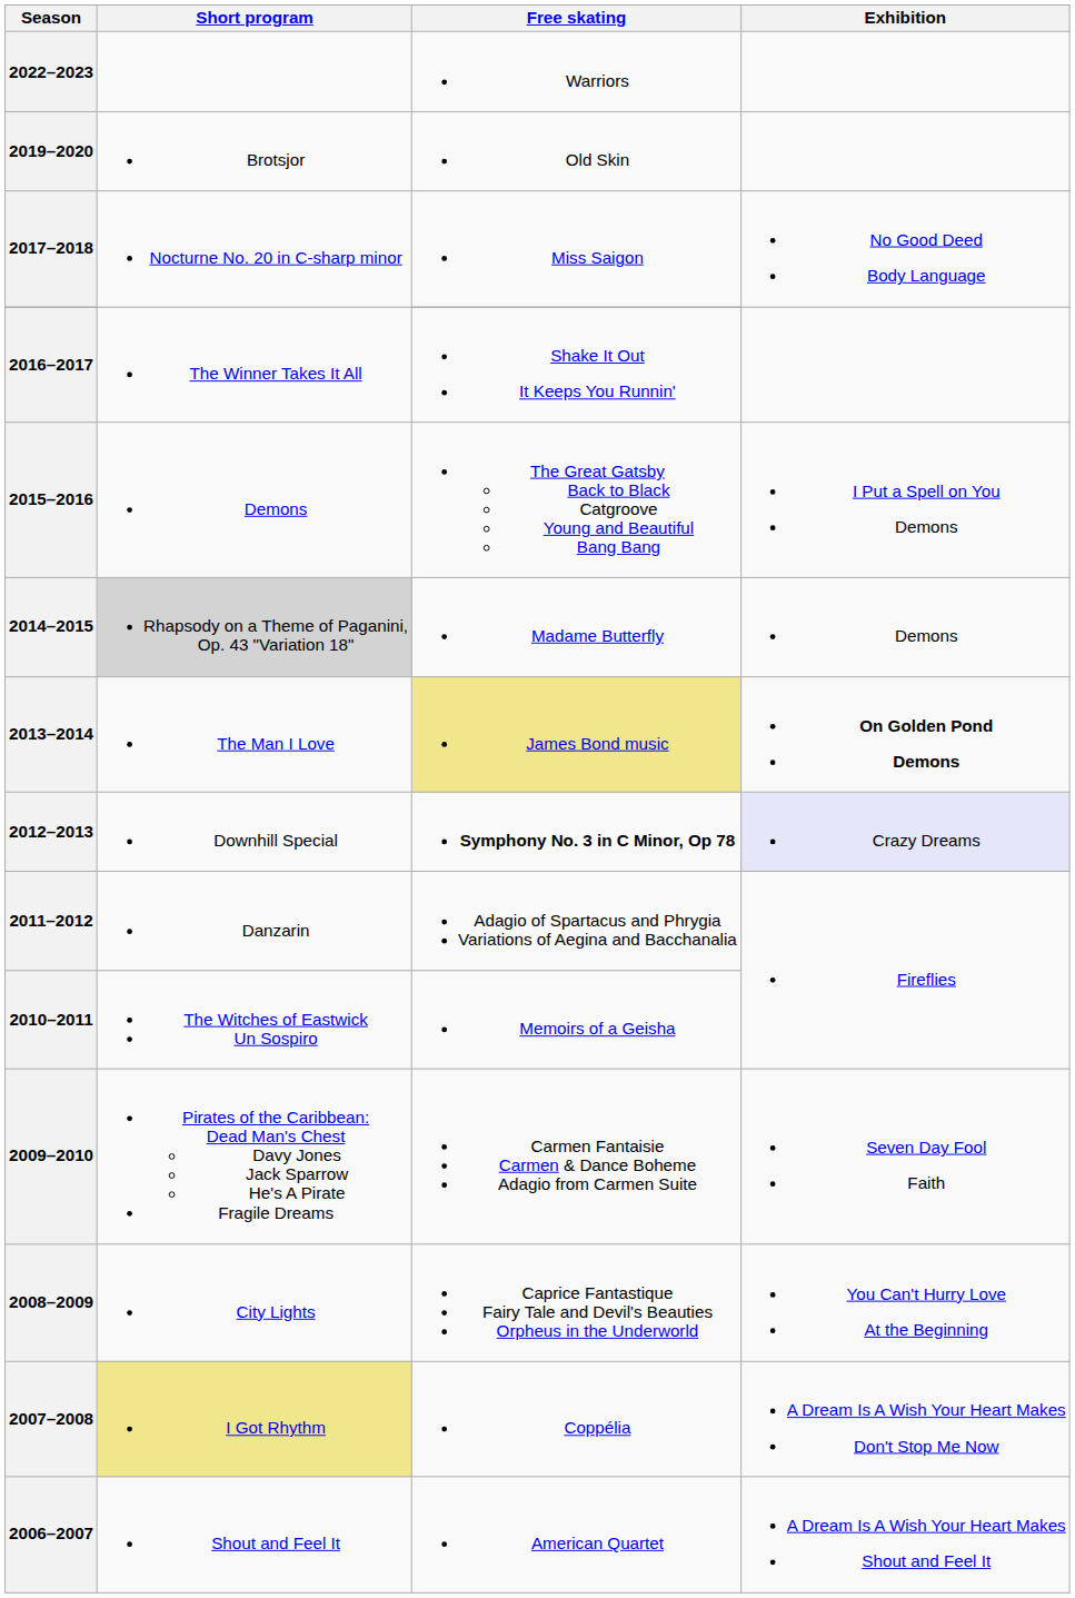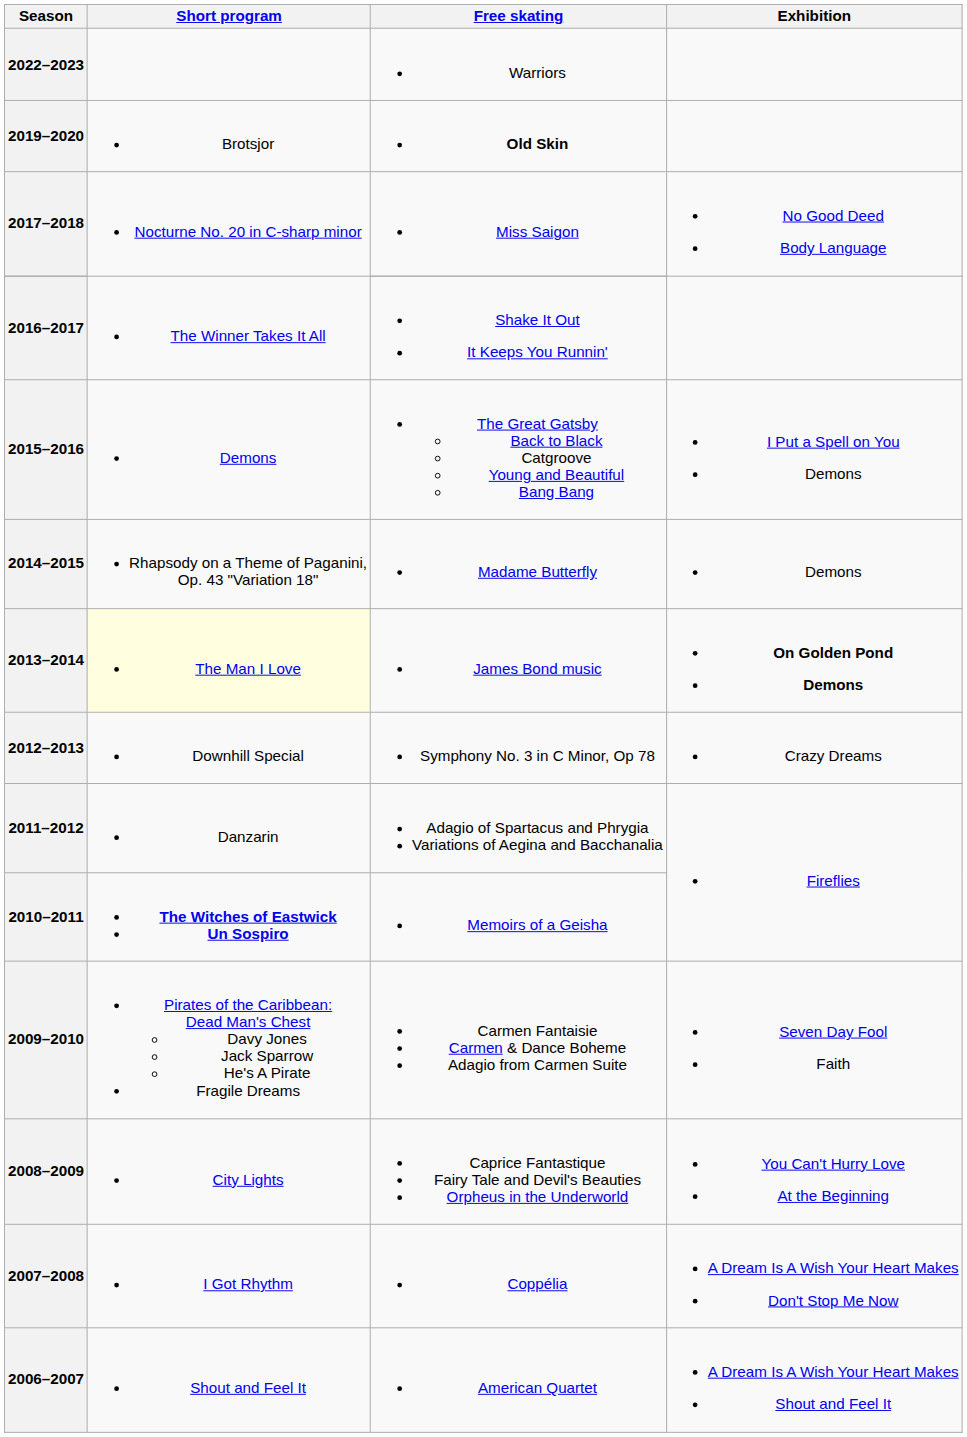 <table class="wikitable" style="text-align:center">
 <tr>
 <th>Season</th>
 <th><a href='#'>Short program</a></th>
 <th><a href='#'>Free skating</a></th>
 <th>Exhibition</th>
 </tr>
 <tr>
 <th>2022–2023 <br></th>
 <td></td>
 <td><br><ul><li>Warriors <br></li></ul></td>
 <td></td>
 </tr>
 <tr>
 <th>2019–2020 <br> </th>
 <td><br><ul><li>Brotsjor <br></li></ul></td>
-<td><br><ul><li>Old Skin <br></li></ul></td>
+<td><strong><br><ul><li>Old Skin <br></li></ul></strong></td>
 <td></td>
 </tr>
 <tr>
 <th>2017–2018 <br> </th>
 <td rowspan=2><br><ul><li><a href='#'>Nocturne No. 20 in C-sharp minor</a>  <br></li></ul></td>
 <td><br><ul><li><a href='#'>Miss Saigon</a> <br></li></ul></td>
 <td><br><ul><li><a href='#'>No Good Deed</a> <br></li></ul><ul><li><a href='#'>Body Language</a> <br></li></ul></td>
 </tr>
 <tr>
 </tr>
 <tr>
 <th>2016–2017 <br> </th>
 <td><br><ul><li><a href='#'>The Winner Takes It All</a>  <br></li></ul></td>
 <td><br><ul><li><a href='#'>Shake It Out</a> <br> </li></ul><ul><li><a href='#'>It Keeps You Runnin'</a> <br> </li></ul></td>
 </tr>
 <tr>
 <th>2015–2016 <br> </th>
 <td><br><ul><li><a href='#'>Demons</a> <br></li></ul></td>
 <td><br><ul><li><a href='#'>The Great Gatsby</a><ul><li><a href='#'>Back to Black</a> <br></li><li>Catgroove <br></li><li><a href='#'>Young and Beautiful</a> <br></li><li><a href='#'>Bang Bang</a> <br></li></ul></li></ul></td>
 <td><br><ul><li><a href='#'>I Put a Spell on You</a> <br></li></ul><ul><li>Demons <br></li></ul></td>
 </tr>
 <tr>
 <th>2014–2015 <br> </th>
-<td style="background: lightgrey;"><br><ul><li>Rhapsody on a Theme of Paganini,<br> Op. 43 "Variation 18" <br></li></ul></td>
+<td><br><ul><li>Rhapsody on a Theme of Paganini,<br> Op. 43 "Variation 18" <br></li></ul></td>
 <td><br><ul><li><a href='#'>Madame Butterfly</a> <br></li></ul></td>
 <td><br><ul><li>Demons <br></li></ul></td>
 </tr>
 <tr>
 <th>2013–2014 <br></th>
-<td><br><ul><li><a href='#'>The Man I Love</a> <br></li></ul></td>
-<td style="background: khaki;"><br><ul><li><a href='#'>James Bond music</a> <br></li></ul></td>
+<td style="background: lightyellow;"><br><ul><li><a href='#'>The Man I Love</a> <br></li></ul></td>
+<td><br><ul><li><a href='#'>James Bond music</a> <br></li></ul></td>
 <td><strong><br><ul><li>On Golden Pond <br></li></ul><ul><li>Demons <br></li></ul></strong></td>
 </tr>
 <tr>
 <th>2012–2013 <br></th>
 <td><br><ul><li>Downhill Special <br></li></ul></td>
-<td><strong><br><ul><li>Symphony No. 3 in C Minor, Op 78 <br></li></ul></strong></td>
-<td style="background: lavender;"><br><ul><li>Crazy Dreams <br></li></ul></td>
+<td><br><ul><li>Symphony No. 3 in C Minor, Op 78 <br></li></ul></td>
+<td><br><ul><li>Crazy Dreams <br></li></ul></td>
 </tr>
 <tr>
 <th>2011–2012 <br></th>
 <td><br><ul><li>Danzarin <br></li></ul></td>
 <td><br><ul><li>Adagio of Spartacus and Phrygia <br></li><li>Variations of Aegina and Bacchanalia <br></li></ul></td>
 <td rowspan=2><br><ul><li><a href='#'>Fireflies</a> <br></li></ul></td>
 </tr>
 <tr>
 <th>2010–2011 <br></th>
-<td><br><ul><li><a href='#'>The Witches of Eastwick</a> <br></li><li><a href='#'>Un Sospiro</a> <br></li></ul></td>
+<td><strong><br><ul><li><a href='#'>The Witches of Eastwick</a> <br></li><li><a href='#'>Un Sospiro</a> <br></li></ul></strong></td>
 <td><br><ul><li><a href='#'>Memoirs of a Geisha</a> <br></li></ul></td>
 </tr>
 <tr>
 <th>2009–2010 <br></th>
 <td><br><ul><li><a href='#'>Pirates of the Caribbean: <br> Dead Man's Chest</a> <br><ul><li>Davy Jones</li><li>Jack Sparrow</li><li>He's A Pirate</li></ul></li><li>Fragile Dreams <br></li></ul></td>
 <td><br><ul><li>Carmen Fantaisie <br></li><li><a href='#'>Carmen</a> & Dance Boheme <br></li><li>Adagio from Carmen Suite <br></li></ul></td>
 <td><br><ul><li><a href='#'>Seven Day Fool</a> <br></li></ul><ul><li>Faith <br></li></ul></td>
 </tr>
 <tr>
 <th>2008–2009 <br></th>
 <td><br><ul><li><a href='#'>City Lights</a> <br></li></ul></td>
 <td><br><ul><li>Caprice Fantastique <br></li><li>Fairy Tale and Devil's Beauties <br></li><li><a href='#'>Orpheus in the Underworld</a> <br></li></ul></td>
 <td><br><ul><li><a href='#'>You Can't Hurry Love</a> <br></li></ul><ul><li><a href='#'>At the Beginning</a> <br></li></ul></td>
 </tr>
 <tr>
 <th>2007–2008 <br></th>
-<td style="background: khaki;"><br><ul><li><a href='#'>I Got Rhythm</a> <br></li></ul></td>
+<td><br><ul><li><a href='#'>I Got Rhythm</a> <br></li></ul></td>
 <td><br><ul><li><a href='#'>Coppélia</a> <br></li></ul></td>
 <td><br><ul><li><a href='#'>A Dream Is A Wish Your Heart Makes</a> <br></li></ul><ul><li><a href='#'>Don't Stop Me Now</a> <br></li></ul></td>
 </tr>
 <tr>
 <th>2006–2007 <br></th>
 <td><br><ul><li><a href='#'>Shout and Feel It</a> <br></li></ul></td>
 <td><br><ul><li><a href='#'>American Quartet</a> <br></li></ul></td>
 <td><br><ul><li><a href='#'>A Dream Is A Wish Your Heart Makes</a> <br></li></ul><ul><li><a href='#'>Shout and Feel It</a> <br></li></ul></td>
 </tr>
 </table>
